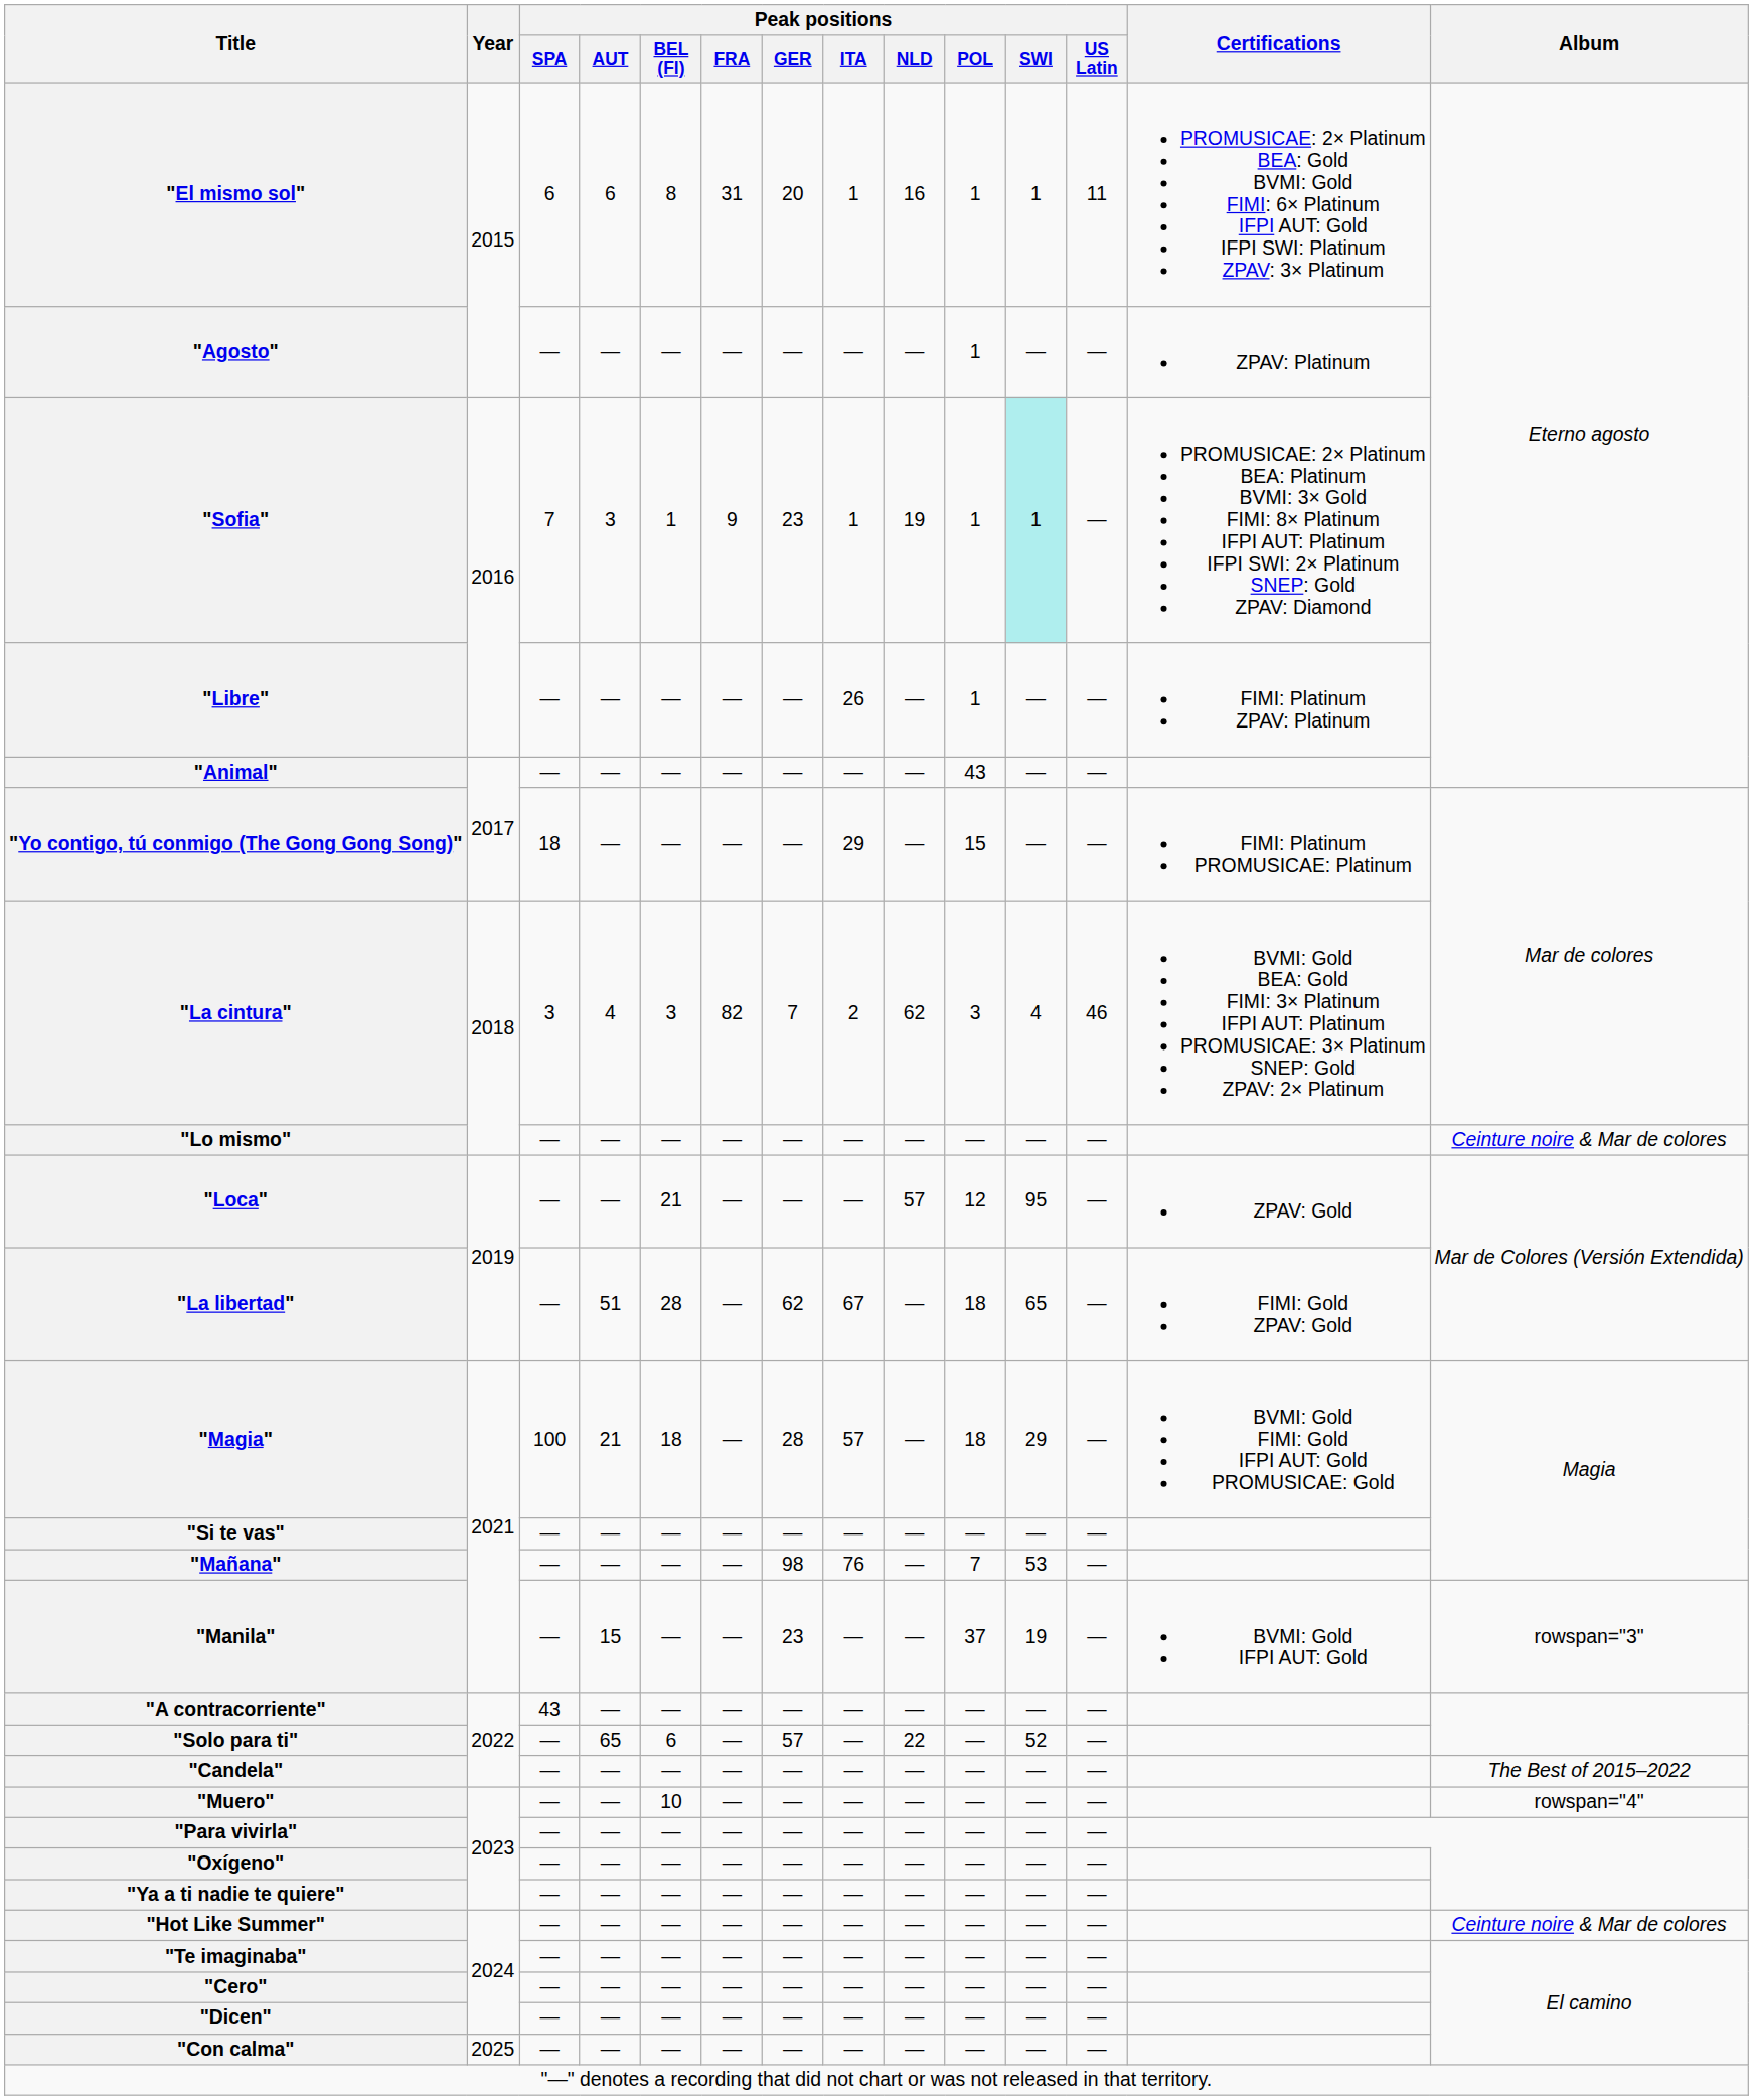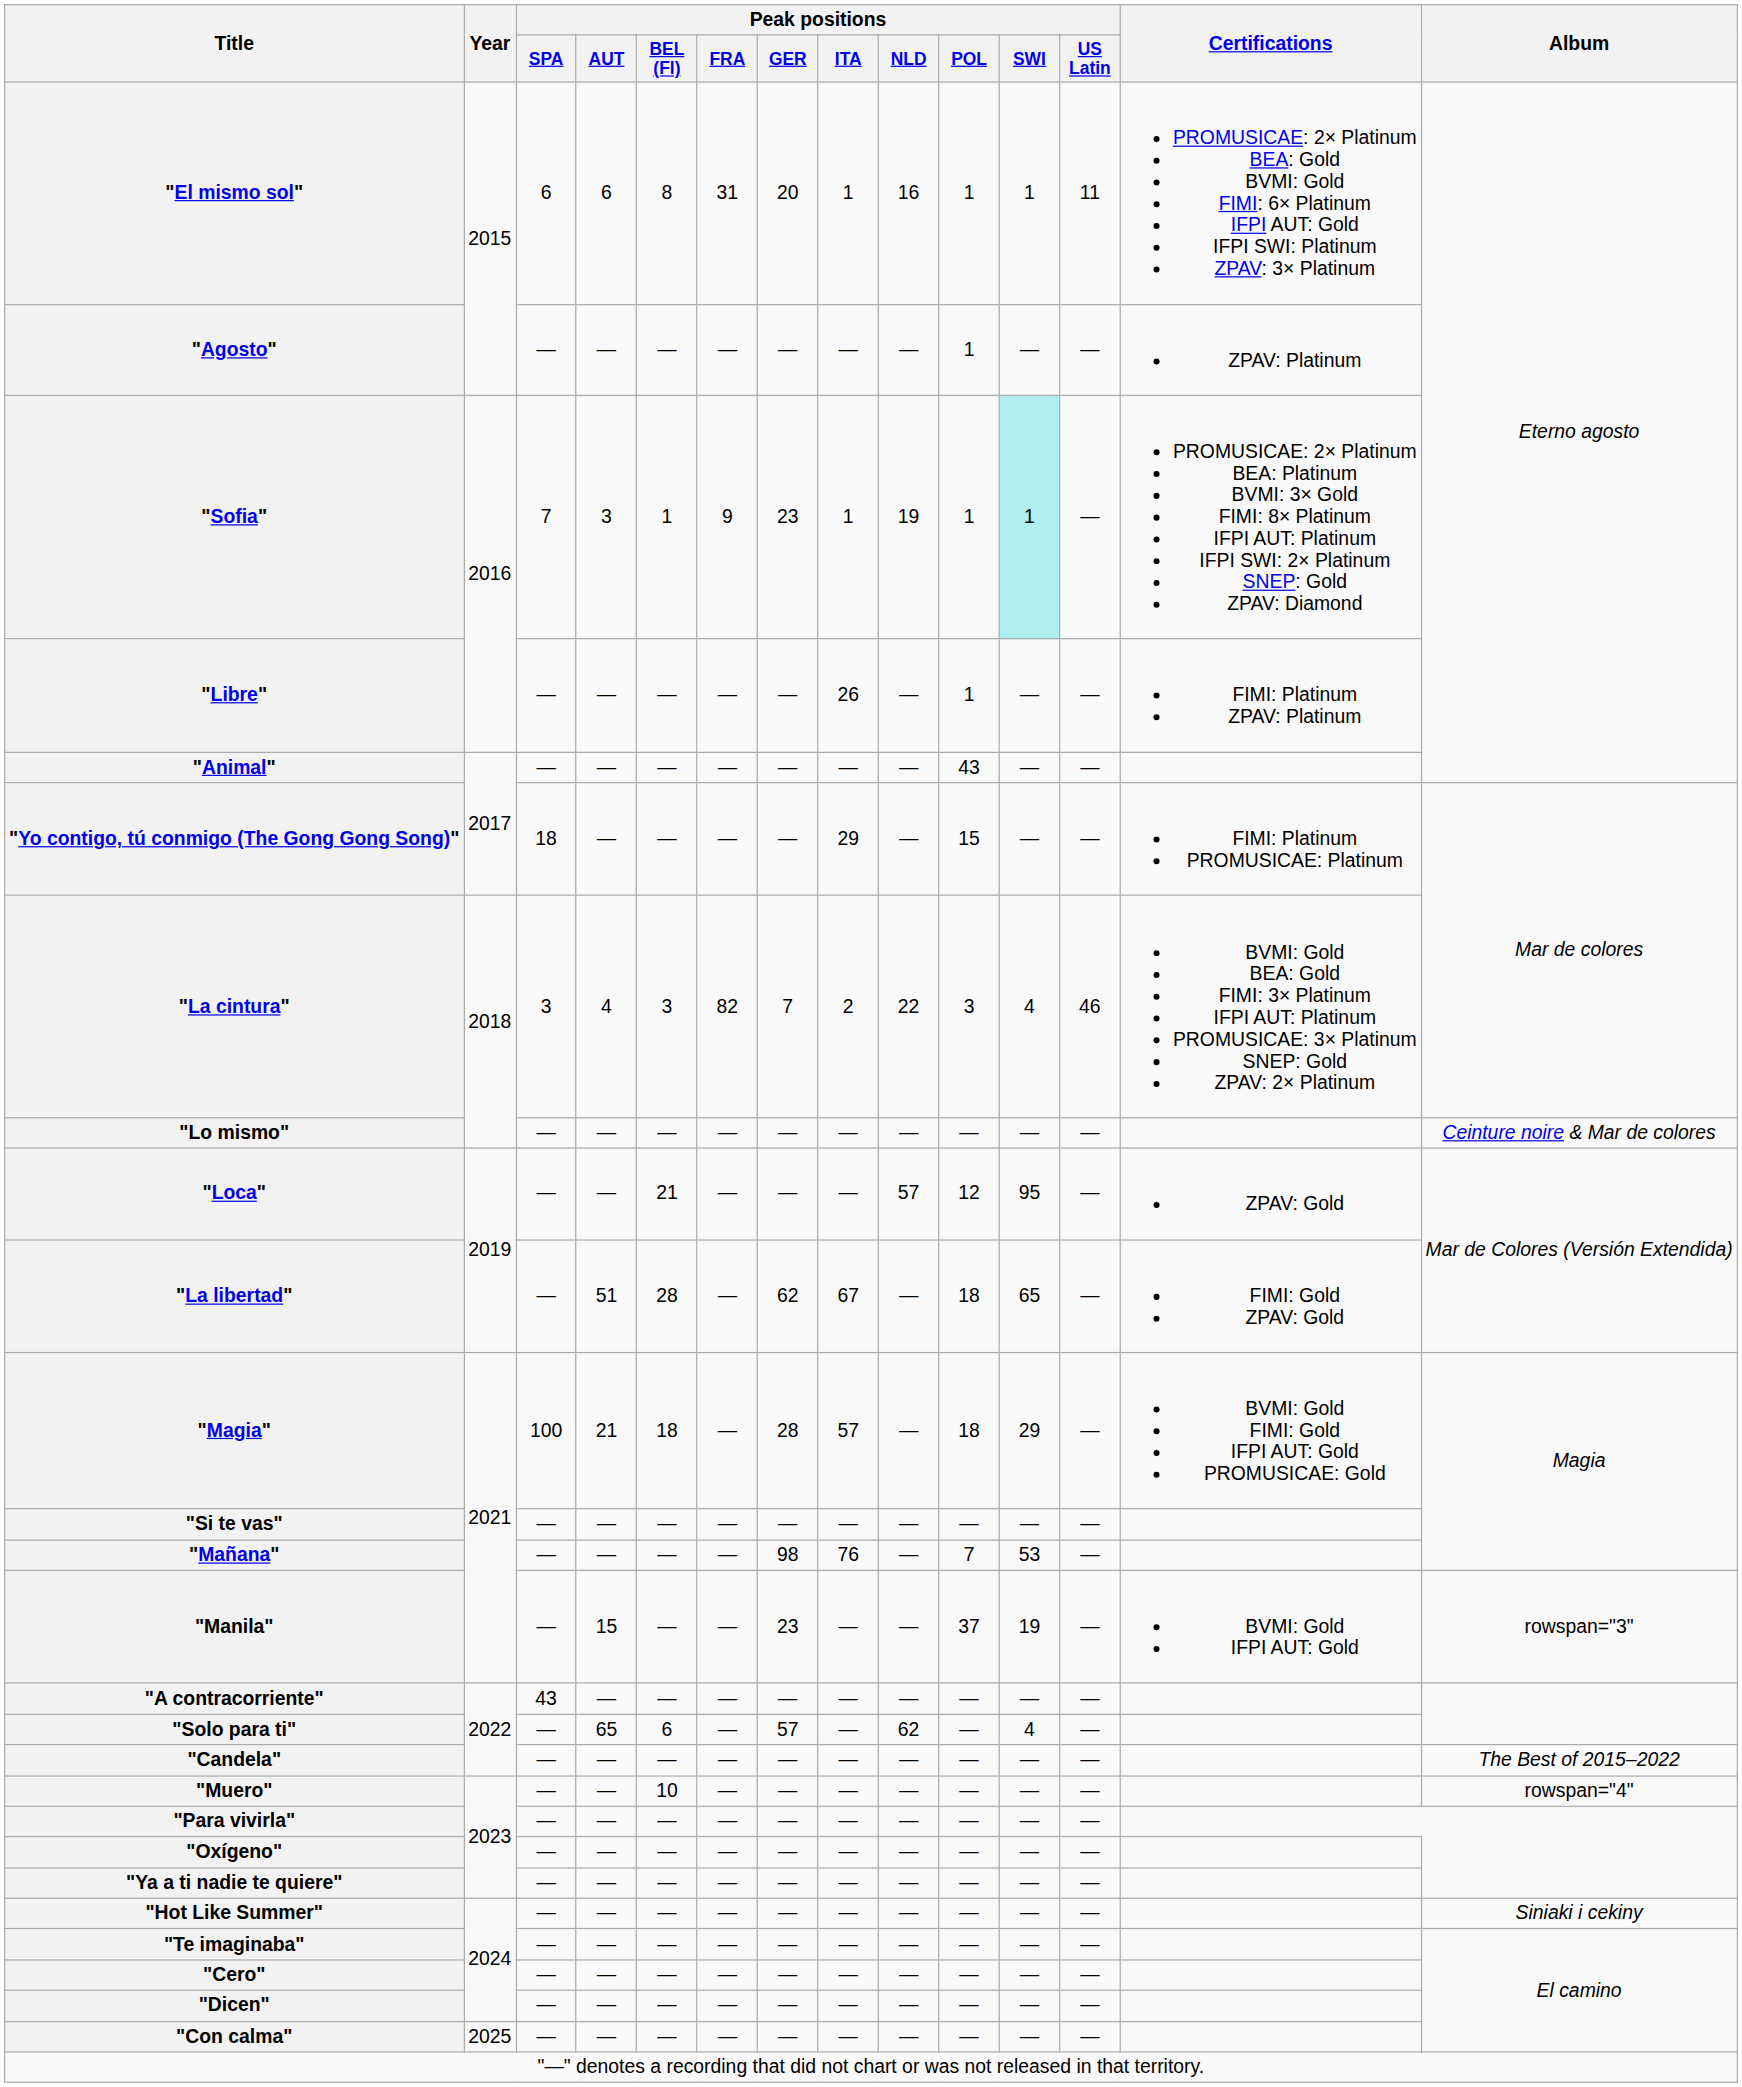 <table class="wikitable plainrowheaders" style="text-align:center;">
 <tr>
 <th rowspan="2">Title</th>
 <th rowspan="2">Year</th>
 <th colspan="10">Peak positions</th>
 <th rowspan="2"><a href='#'>Certifications</a></th>
 <th rowspan="2">Album</th>
 </tr>
 <tr>
 <th scope="col" style="width:3em;font-size:90%;"><a href='#'>SPA</a><br></th>
 <th scope="col" style="width:3em;font-size:90%;"><a href='#'>AUT</a><br></th>
 <th scope="col" style="width:3em;font-size:90%;"><a href='#'>BEL<br>(Fl)</a><br></th>
 <th scope="col" style="width:3em;font-size:90%;"><a href='#'>FRA</a><br></th>
 <th scope="col" style="width:3em;font-size:90%;"><a href='#'>GER</a><br></th>
 <th scope="col" style="width:3em;font-size:90%;"><a href='#'>ITA</a><br></th>
 <th scope="col" style="width:3em;font-size:90%;"><a href='#'>NLD</a><br></th>
 <th scope="col" style="width:3em;font-size:90%;"><a href='#'>POL</a><br></th>
 <th scope="col" style="width:3em;font-size:90%;"><a href='#'>SWI</a><br></th>
 <th scope="col" style="width:3em;font-size:90%;"><a href='#'>US Latin</a><br></th>
 </tr>
 <tr>
 <th scope="row">"<a href='#'>El mismo sol</a>"<br></th>
 <td style="text-align:center;" rowspan="2">2015</td>
 <td>6</td>
 <td>6</td>
 <td>8</td>
 <td>31</td>
 <td>20</td>
 <td>1</td>
 <td>16</td>
 <td>1</td>
 <td>1</td>
 <td>11</td>
 <td><br><ul><li><a href='#'>PROMUSICAE</a>: 2× Platinum</li><li><a href='#'>BEA</a>: Gold</li><li>BVMI: Gold</li><li><a href='#'>FIMI</a>: 6× Platinum</li><li><a href='#'>IFPI</a> AUT: Gold</li><li>IFPI SWI: Platinum</li><li><a href='#'>ZPAV</a>: 3× Platinum</li></ul></td>
 <td rowspan="5"><em>Eterno agosto</em></td>
 </tr>
 <tr>
 <th scope="row">"<a href='#'>Agosto</a>"</th>
 <td>—</td>
 <td>—</td>
 <td>—</td>
 <td>—</td>
 <td>—</td>
 <td>—</td>
 <td>—</td>
 <td>1</td>
 <td>—</td>
 <td>—</td>
 <td><br><ul><li>ZPAV: Platinum</li></ul></td>
 </tr>
 <tr>
 <th scope="row">"<a href='#'>Sofia</a>"</th>
 <td rowspan="2">2016</td>
 <td>7</td>
 <td>3</td>
 <td>1</td>
 <td>9</td>
 <td>23</td>
 <td>1</td>
 <td>19</td>
 <td>1</td>
 <td style="background: paleturquoise;">1</td>
 <td>—</td>
 <td><br><ul><li>PROMUSICAE: 2× Platinum</li><li>BEA: Platinum</li><li>BVMI: 3× Gold</li><li>FIMI: 8× Platinum</li><li>IFPI AUT: Platinum</li><li>IFPI SWI: 2× Platinum</li><li><a href='#'>SNEP</a>: Gold</li><li>ZPAV: Diamond</li></ul></td>
 </tr>
 <tr>
 <th scope="row">"<a href='#'>Libre</a>"<br></th>
 <td>—</td>
 <td>—</td>
 <td>—</td>
 <td>—</td>
 <td>—</td>
 <td>26</td>
 <td>—</td>
 <td>1</td>
 <td>—</td>
 <td>—</td>
 <td><br><ul><li>FIMI: Platinum</li><li>ZPAV: Platinum</li></ul></td>
 </tr>
 <tr>
 <th scope="row">"<a href='#'>Animal</a>"</th>
 <td rowspan="2">2017</td>
 <td>—</td>
 <td>—</td>
 <td>—</td>
 <td>—</td>
 <td>—</td>
 <td>—</td>
 <td>—</td>
 <td>43</td>
 <td>—</td>
 <td>—</td>
 <td></td>
 </tr>
 <tr>
 <th scope="row">"<a href='#'>Yo contigo, tú conmigo (The Gong Gong Song)</a>"<br></th>
 <td>18</td>
 <td>—</td>
 <td>—</td>
 <td>—</td>
 <td>—</td>
 <td>29</td>
 <td>—</td>
 <td>15</td>
 <td>—</td>
 <td>—</td>
 <td><br><ul><li>FIMI: Platinum</li><li>PROMUSICAE: Platinum</li></ul></td>
 <td rowspan="2"><em>Mar de colores</em></td>
 </tr>
 <tr>
 <th scope="row">"<a href='#'>La cintura</a>"<br></th>
 <td rowspan="2">2018</td>
 <td>3</td>
 <td>4</td>
 <td>3</td>
 <td>82</td>
 <td>7</td>
 <td>2</td>
-<td>62</td>
+<td>22</td>
 <td>3</td>
 <td>4</td>
 <td>46</td>
 <td><br><ul><li>BVMI: Gold</li><li>BEA: Gold</li><li>FIMI: 3× Platinum</li><li>IFPI AUT: Platinum</li><li>PROMUSICAE: 3× Platinum</li><li>SNEP: Gold</li><li>ZPAV: 2× Platinum</li></ul></td>
 </tr>
 <tr>
 <th scope="row">"Lo mismo"<br></th>
 <td>—</td>
 <td>—</td>
 <td>—</td>
 <td>—</td>
 <td>—</td>
 <td>—</td>
 <td>—</td>
 <td>—</td>
 <td>—</td>
 <td>—</td>
 <td></td>
 <td><em><a href='#'>Ceinture noire</a> & Mar de colores</em></td>
 </tr>
 <tr>
 <th scope="row">"<a href='#'>Loca</a>"</th>
 <td rowspan="2">2019</td>
 <td>—</td>
 <td>—</td>
 <td>21</td>
 <td>—</td>
 <td>—</td>
 <td>—</td>
 <td>57</td>
 <td>12</td>
 <td>95</td>
 <td>—</td>
 <td><br><ul><li>ZPAV: Gold</li></ul></td>
 <td rowspan="2"><em>Mar de Colores (Versión Extendida)</em></td>
 </tr>
 <tr>
 <th scope="row">"<a href='#'>La libertad</a>"</th>
 <td>—</td>
 <td>51</td>
 <td>28</td>
 <td>—</td>
 <td>62</td>
 <td>67</td>
 <td>—</td>
 <td>18</td>
 <td>65</td>
 <td>—</td>
 <td><br><ul><li>FIMI: Gold</li><li>ZPAV: Gold</li></ul></td>
 </tr>
 <tr>
 <th scope="row">"<a href='#'>Magia</a>"</th>
 <td rowspan="4">2021</td>
 <td>100</td>
 <td>21</td>
 <td>18</td>
 <td>—</td>
 <td>28</td>
 <td>57<br></td>
 <td>—</td>
 <td>18</td>
 <td>29</td>
 <td>—</td>
 <td><br><ul><li>BVMI: Gold</li><li>FIMI: Gold</li><li>IFPI AUT: Gold</li><li>PROMUSICAE: Gold</li></ul></td>
 <td rowspan="3"><em>Magia</em></td>
 </tr>
 <tr>
 <th scope="row">"Si te vas"</th>
 <td>—</td>
 <td>—</td>
 <td>—</td>
 <td>—</td>
 <td>—</td>
 <td>—</td>
 <td>—</td>
 <td>—</td>
 <td>—</td>
 <td>—</td>
 <td></td>
 </tr>
 <tr>
 <th scope="row">"<a href='#'>Mañana</a>"<br></th>
 <td>—</td>
 <td>—</td>
 <td>—</td>
 <td>—</td>
 <td>98</td>
 <td>76</td>
 <td>—</td>
 <td>7</td>
 <td>53</td>
 <td>—</td>
 <td></td>
 </tr>
 <tr>
 <th scope="row">"Manila"<br></th>
 <td>—</td>
 <td>15</td>
 <td>—</td>
 <td>—</td>
 <td>23</td>
 <td>—</td>
 <td>—</td>
 <td>37</td>
 <td>19</td>
 <td>—</td>
 <td><br><ul><li>BVMI: Gold</li><li>IFPI AUT: Gold</li></ul></td>
 <td>rowspan="3" </td>
 </tr>
 <tr>
 <th scope="row">"A contracorriente"<br></th>
 <td rowspan="3">2022</td>
 <td>43<br></td>
 <td>—</td>
 <td>—</td>
 <td>—</td>
 <td>—</td>
 <td>—</td>
 <td>—</td>
 <td>—</td>
 <td>—</td>
 <td>—</td>
 <td></td>
 </tr>
 <tr>
 <th scope="row">"Solo para ti"<br></th>
 <td>—</td>
 <td>65</td>
 <td>6</td>
 <td>—</td>
 <td>57</td>
 <td>—</td>
-<td>22</td>
+<td>62</td>
 <td>—</td>
-<td>52</td>
+<td>4</td>
 <td>—</td>
 <td></td>
 </tr>
 <tr>
 <th scope="row">"Candela"<br></th>
 <td>—</td>
 <td>—</td>
 <td>—</td>
 <td>—</td>
 <td>—</td>
 <td>—</td>
 <td>—</td>
 <td>—</td>
 <td>—</td>
 <td>—</td>
 <td></td>
 <td><em>The Best of 2015–2022</em></td>
 </tr>
 <tr>
 <th scope="row">"Muero"</th>
 <td rowspan="4">2023</td>
 <td>—</td>
 <td>—</td>
 <td>10</td>
 <td>—</td>
 <td>—</td>
 <td>—</td>
 <td>—</td>
 <td>—</td>
 <td>—</td>
 <td>—</td>
 <td></td>
 <td>rowspan="4" </td>
 </tr>
 <tr>
 <th scope="row">"Para vivirla"</th>
 <td>—</td>
 <td>—</td>
 <td>—</td>
 <td>—</td>
 <td>—</td>
 <td>—</td>
 <td>—</td>
 <td>—</td>
 <td>—</td>
 <td>—</td>
 </tr>
 <tr>
 <th scope="row">"Oxígeno"</th>
 <td>—</td>
 <td>—</td>
 <td>—</td>
 <td>—</td>
 <td>—</td>
 <td>—</td>
 <td>—</td>
 <td>—</td>
 <td>—</td>
 <td>—</td>
 <td></td>
 </tr>
 <tr>
 <th scope="row">"Ya a ti nadie te quiere"<br></th>
 <td>—</td>
 <td>—</td>
 <td>—</td>
 <td>—</td>
 <td>—</td>
 <td>—</td>
 <td>—</td>
 <td>—</td>
 <td>—</td>
 <td>—</td>
 <td></td>
 </tr>
 <tr>
 <th scope="row">"Hot Like Summer"<br></th>
 <td rowspan="4">2024</td>
 <td>—</td>
 <td>—</td>
 <td>—</td>
 <td>—</td>
 <td>—</td>
 <td>—</td>
 <td>—</td>
 <td>—</td>
 <td>—</td>
 <td>—</td>
 <td></td>
-<td><em><a href='#'>Ceinture noire</a> & Mar de colores</em></td>
+<td><em>Siniaki i cekiny</em></td>
 </tr>
 <tr>
 <th scope="row">"Te imaginaba"</th>
 <td>—</td>
 <td>—</td>
 <td>—</td>
 <td>—</td>
 <td>—</td>
 <td>—</td>
 <td>—</td>
 <td>—</td>
 <td>—</td>
 <td>—</td>
 <td></td>
 <td rowspan="4"><em>El camino</em></td>
 </tr>
 <tr>
 <th scope="row">"Cero"<br></th>
 <td>—</td>
 <td>—</td>
 <td>—</td>
 <td>—</td>
 <td>—</td>
 <td>—</td>
 <td>—</td>
 <td>—</td>
 <td>—</td>
 <td>—</td>
 <td></td>
 </tr>
 <tr>
 <th scope="row">"Dicen"</th>
 <td>—</td>
 <td>—</td>
 <td>—</td>
 <td>—</td>
 <td>—</td>
 <td>—</td>
 <td>—</td>
 <td>—</td>
 <td>—</td>
 <td>—</td>
 <td></td>
 </tr>
 <tr>
 <th scope="row">"Con calma"</th>
 <td>2025</td>
 <td>—</td>
 <td>—</td>
 <td>—</td>
 <td>—</td>
 <td>—</td>
 <td>—</td>
 <td>—</td>
 <td>—</td>
 <td>—</td>
 <td>—</td>
 <td></td>
 </tr>
 <tr>
 <td colspan="16">"—" denotes a recording that did not chart or was not released in that territory.</td>
 </tr>
 </table>
